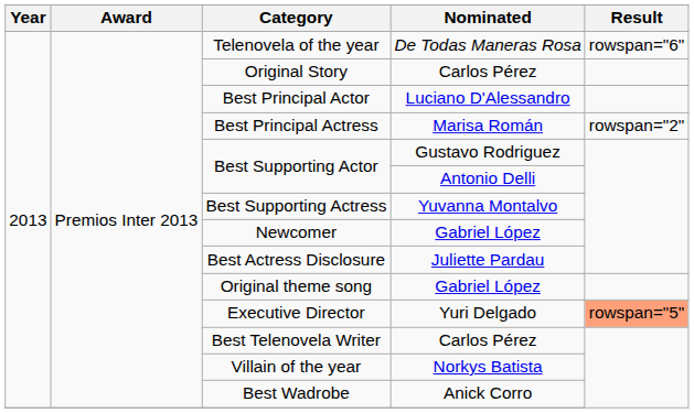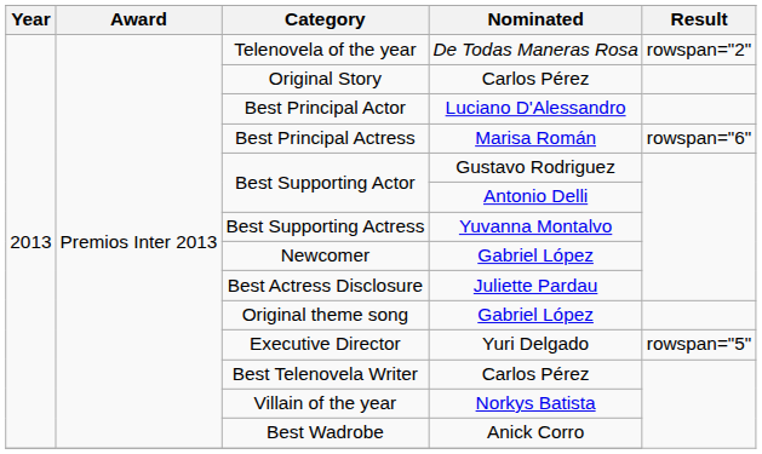 <table class="wikitable sortable" style="margin:1em auto;">
 <tr>
 </tr>
 <tr>
 <th>Year</th>
 <th>Award</th>
 <th>Category</th>
 <th>Nominated</th>
 <th>Result</th>
 </tr>
 <tr>
 <td rowspan="14">2013</td>
 <td rowspan="14" style="text-align:center;">Premios Inter 2013</td>
 <td style="text-align:center;">Telenovela of the year</td>
 <td style="text-align:center;"><em>De Todas Maneras Rosa</em></td>
-<td>rowspan="6" </td>
+<td>rowspan="2" </td>
 </tr>
 <tr>
 <td style="text-align:center;">Original Story</td>
 <td style="text-align:center;">Carlos Pérez</td>
 </tr>
 <tr>
 <td style="text-align:center;">Best Principal Actor</td>
 <td style="text-align:center;"><a href='#'>Luciano D'Alessandro</a></td>
 <td></td>
 </tr>
 <tr>
 <td style="text-align:center;">Best Principal Actress</td>
 <td style="text-align:center;"><a href='#'>Marisa Román</a></td>
-<td>rowspan="2" </td>
+<td>rowspan="6" </td>
 </tr>
 <tr>
 <td rowspan="2" style="text-align:center;">Best Supporting Actor</td>
 <td style="text-align:center;">Gustavo Rodriguez</td>
 </tr>
 <tr>
 <td style="text-align:center;"><a href='#'>Antonio Delli</a></td>
 </tr>
 <tr>
 <td style="text-align:center;">Best Supporting Actress</td>
 <td style="text-align:center;"><a href='#'>Yuvanna Montalvo</a></td>
 </tr>
 <tr>
 <td style="text-align:center;">Newcomer</td>
 <td style="text-align:center;"><a href='#'>Gabriel López</a></td>
 </tr>
 <tr>
 <td style="text-align:center;">Best Actress Disclosure</td>
 <td style="text-align:center;"><a href='#'>Juliette Pardau</a></td>
 </tr>
 <tr>
 <td style="text-align:center;">Original theme song</td>
 <td style="text-align:center;"><a href='#'>Gabriel López</a></td>
 <td></td>
 </tr>
 <tr>
 <td style="text-align:center;">Executive Director</td>
 <td style="text-align:center;">Yuri Delgado</td>
-<td style="background: lightsalmon;">rowspan="5" </td>
+<td>rowspan="5" </td>
 </tr>
 <tr>
 <td style="text-align:center;">Best Telenovela Writer</td>
 <td style="text-align:center;">Carlos Pérez</td>
 </tr>
 <tr>
 <td style="text-align:center;">Villain of the year</td>
 <td style="text-align:center;"><a href='#'>Norkys Batista</a></td>
 </tr>
 <tr>
 <td style="text-align:center;">Best Wadrobe</td>
 <td style="text-align:center;">Anick Corro</td>
 </tr>
 <tr>
 </tr>
 </table>
